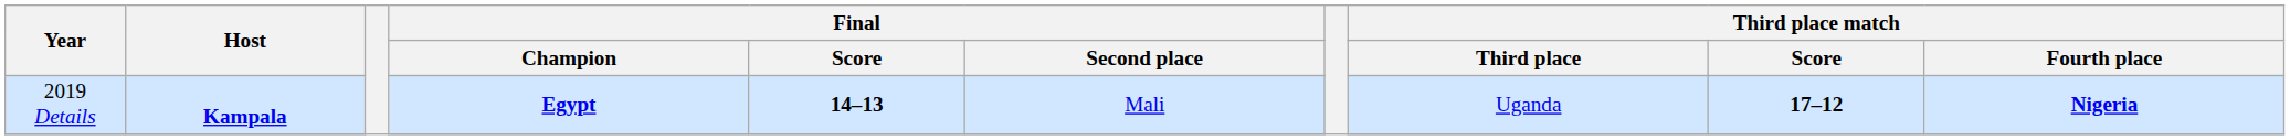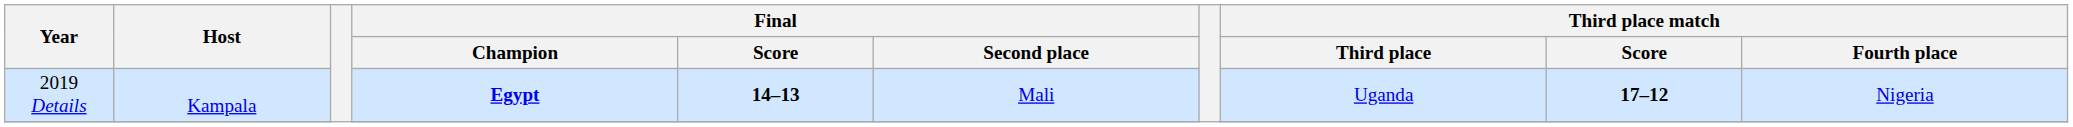 <table class="wikitable" style="font-size:90%; width: 98%; text-align: center;">
 <tr>
 <th rowspan="2" width="5%">Year</th>
 <th rowspan="2" width="10%">Host</th>
 <th rowspan="5" width="1%" bgcolor="ffffff"></th>
 <th colspan="3">Final</th>
 <th rowspan="5" width="1%" bgcolor="ffffff"></th>
 <th colspan="3">Third place match</th>
 </tr>
 <tr bgcolor="#EFEFEF">
 <th width="15%">Champion</th>
 <th width="9%">Score</th>
 <th width="15%">Second place</th>
 <th width="15%">Third place</th>
 <th width="9%">Score</th>
 <th width="15%">Fourth place</th>
 </tr>
 <tr bgcolor="#D0E7FF">
 <td>2019<br><em><a href='#'>Details</a></em></td>
-<td><strong><br><a href='#'>Kampala</a></strong></td>
+<td><br><a href='#'>Kampala</a></td>
 <td><strong> <a href='#'>Egypt</a></strong></td>
 <td><strong>14–13</strong></td>
 <td> <a href='#'>Mali</a></td>
 <td> <a href='#'>Uganda</a></td>
 <td><strong>17–12</strong></td>
-<td><strong> <a href='#'>Nigeria</a></strong></td>
+<td> <a href='#'>Nigeria</a></td>
 </tr>
 <tr>
 </tr>
 </table>
